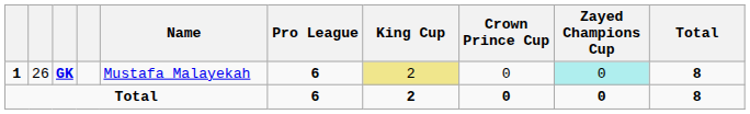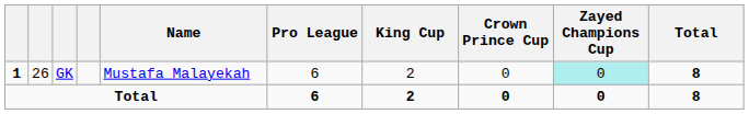 <table class="wikitable" style="text-align:center">
 <tr>
 <th width=15></th>
 <th width=15></th>
 <th width=15></th>
 <th width=15></th>
 <th width=145>Name</th>
 <th width=80>Pro League</th>
 <th width=80>King Cup</th>
 <th width=80>Crown Prince Cup</th>
 <th width=80>Zayed Champions Cup</th>
 <th width=80>Total</th>
 </tr>
 <tr>
 <td><strong>1</strong></td>
 <td>26</td>
-<td><strong><a href='#'>GK</a></strong></td>
+<td><a href='#'>GK</a></td>
 <td></td>
 <td align=left><a href='#'>Mustafa Malayekah</a></td>
-<td><strong>6</strong></td>
-<td style="background: khaki;">2</td>
+<td>6</td>
+<td>2</td>
 <td>0</td>
 <td style="background: paleturquoise;">0</td>
 <td><strong>8</strong></td>
 </tr>
 <tr>
 <td colspan=5><strong>Total</strong></td>
 <td><strong>6</strong></td>
 <td><strong>2</strong></td>
 <td><strong>0</strong></td>
 <td><strong>0</strong></td>
 <td><strong>8</strong></td>
 </tr>
 </table>
